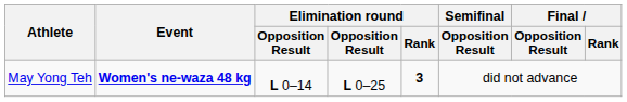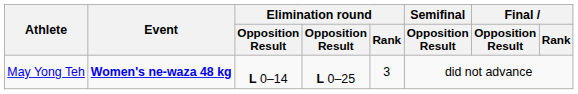 <table class=wikitable style=font-size:90%;text-align:center>
 <tr>
 <th rowspan=2>Athlete</th>
 <th rowspan=2>Event</th>
 <th colspan=3>Elimination round</th>
 <th>Semifinal</th>
 <th colspan=2>Final / </th>
 </tr>
 <tr style=font-size:95%>
 <th>Opposition<br>Result</th>
 <th>Opposition<br>Result</th>
 <th>Rank</th>
 <th>Opposition<br>Result</th>
 <th>Opposition<br>Result</th>
 <th>Rank</th>
 </tr>
 <tr>
 <td align=left><a href='#'>May Yong Teh</a></td>
 <td align=left><strong><a href='#'>Women's ne-waza 48 kg</a></strong></td>
 <td><br><strong>L</strong> 0–14</td>
 <td><br><strong>L</strong> 0–25</td>
-<td><strong>3</strong></td>
+<td>3</td>
 <td colspan=3>did not advance</td>
 </tr>
 </table>
